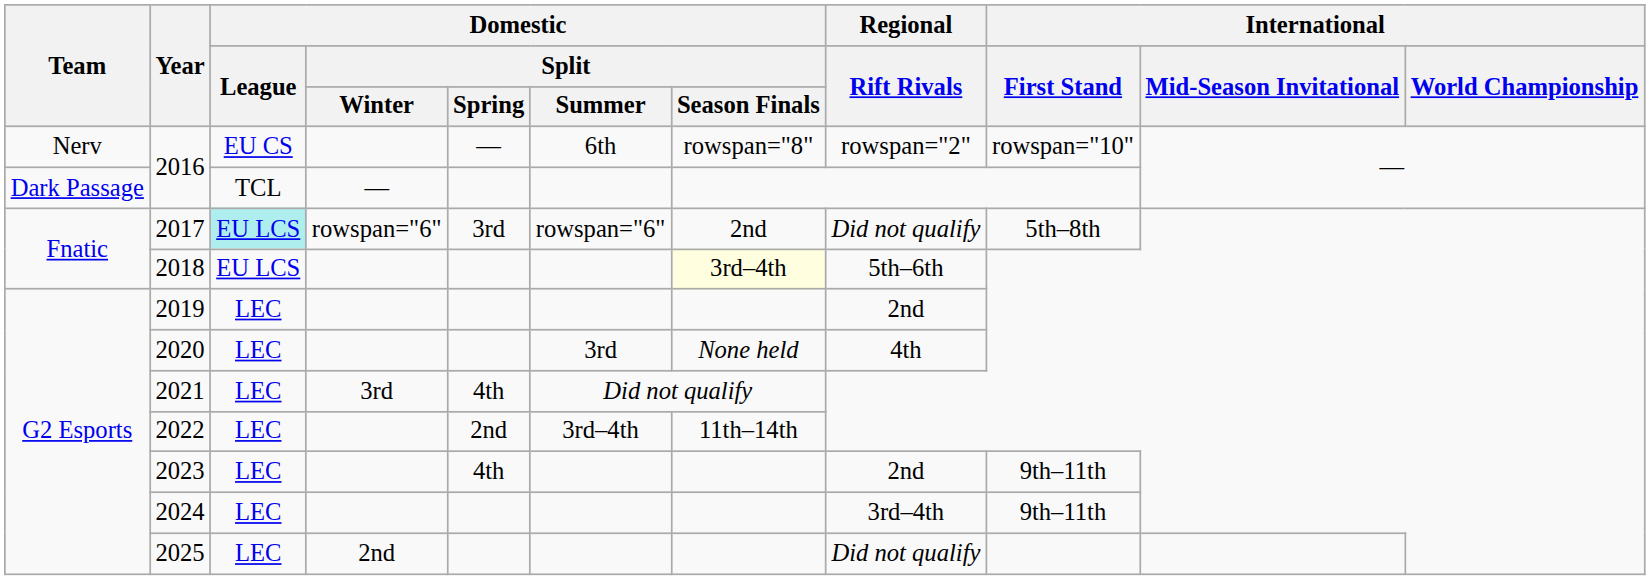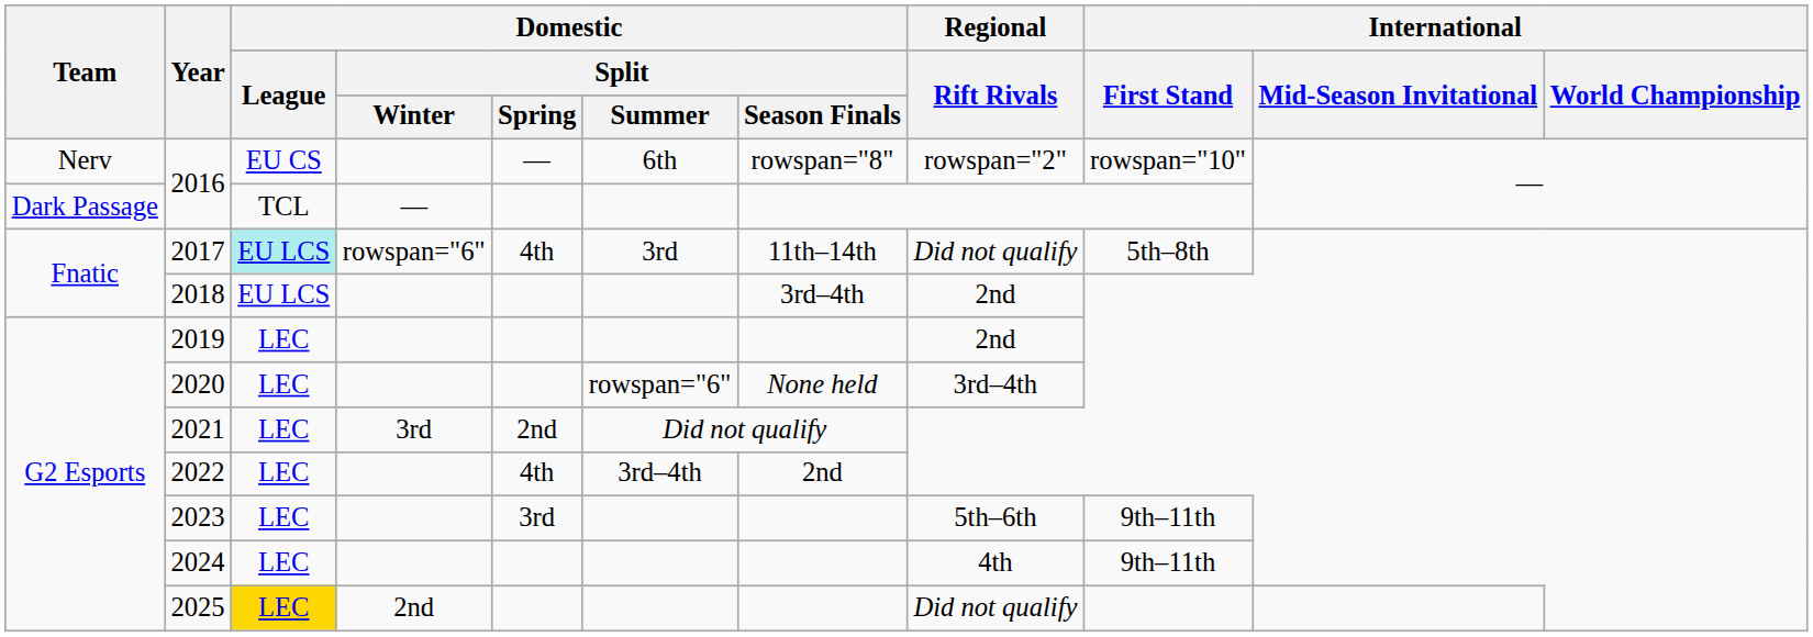 <table class="wikitable" style="font-size:90%; text-align:center;">
 <tr style="background:#f0f6ff;">
 <th rowspan=3>Team</th>
 <th rowspan=3>Year</th>
 <th colspan=5>Domestic</th>
 <th>Regional</th>
 <th colspan=3>International</th>
 </tr>
 <tr>
 <th rowspan=2>League</th>
 <th colspan=4>Split</th>
 <th rowspan=2><a href='#'>Rift Rivals</a></th>
 <th rowspan=2><a href='#'>First Stand</a></th>
 <th rowspan=2><a href='#'>Mid-Season Invitational</a></th>
 <th rowspan=2><a href='#'>World Championship</a></th>
 </tr>
 <tr>
 <th>Winter</th>
 <th>Spring</th>
 <th>Summer</th>
 <th>Season Finals</th>
 </tr>
 <tr>
 <td>Nerv</td>
 <td rowspan="2">2016</td>
 <td><a href='#'>EU CS</a></td>
 <td></td>
 <td>—</td>
 <td>6th</td>
 <td>rowspan="8" </td>
 <td>rowspan="2" </td>
 <td>rowspan="10" </td>
 <td colspan="2" rowspan="2">—</td>
 </tr>
 <tr>
 <td><a href='#'>Dark Passage</a></td>
 <td>TCL</td>
 <td>—</td>
 <td></td>
 <td></td>
 </tr>
 <tr>
 <td rowspan="2"><a href='#'>Fnatic</a></td>
 <td>2017</td>
 <td style="background: paleturquoise;"><a href='#'>EU LCS</a></td>
 <td>rowspan="6" </td>
+<td>4th</td>
 <td>3rd</td>
-<td>rowspan="6" </td>
-<td>2nd</td>
+<td>11th–14th</td>
 <td><em>Did not qualify</em></td>
 <td>5th–8th</td>
 </tr>
 <tr>
 <td>2018</td>
 <td><a href='#'>EU LCS</a></td>
 <td></td>
 <td></td>
 <td></td>
-<td style="background: lightyellow;">3rd–4th</td>
-<td>5th–6th</td>
+<td>3rd–4th</td>
+<td>2nd</td>
 </tr>
 <tr>
 <td rowspan="7"><a href='#'>G2 Esports</a></td>
 <td>2019</td>
 <td><a href='#'>LEC</a></td>
 <td></td>
 <td></td>
 <td></td>
 <td></td>
 <td>2nd</td>
 </tr>
 <tr>
 <td>2020</td>
 <td><a href='#'>LEC</a></td>
 <td></td>
 <td></td>
-<td>3rd</td>
+<td>rowspan="6" </td>
 <td><em>None held</em></td>
-<td>4th</td>
+<td>3rd–4th</td>
 </tr>
 <tr>
 <td>2021</td>
 <td><a href='#'>LEC</a></td>
 <td>3rd</td>
-<td>4th</td>
+<td>2nd</td>
 <td colspan="2"><em>Did not qualify</em></td>
 </tr>
 <tr>
 <td>2022</td>
 <td><a href='#'>LEC</a></td>
 <td></td>
+<td>4th</td>
+<td>3rd–4th</td>
 <td>2nd</td>
-<td>3rd–4th</td>
-<td>11th–14th</td>
 </tr>
 <tr>
 <td>2023</td>
 <td><a href='#'>LEC</a></td>
 <td></td>
-<td>4th</td>
+<td>3rd</td>
 <td></td>
 <td></td>
-<td>2nd</td>
+<td>5th–6th</td>
 <td>9th–11th</td>
 </tr>
 <tr>
 <td>2024</td>
 <td><a href='#'>LEC</a></td>
 <td></td>
 <td></td>
 <td></td>
 <td></td>
-<td>3rd–4th</td>
+<td>4th</td>
 <td>9th–11th</td>
 </tr>
 <tr>
 <td>2025</td>
-<td><a href='#'>LEC</a></td>
+<td style="background: gold;"><a href='#'>LEC</a></td>
 <td>2nd</td>
 <td></td>
 <td></td>
 <td></td>
 <td><em>Did not qualify</em></td>
 <td></td>
 <td></td>
 </tr>
 </table>
